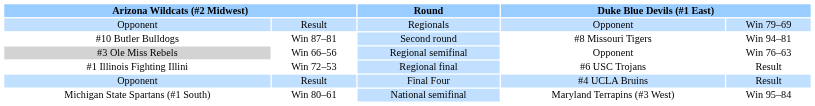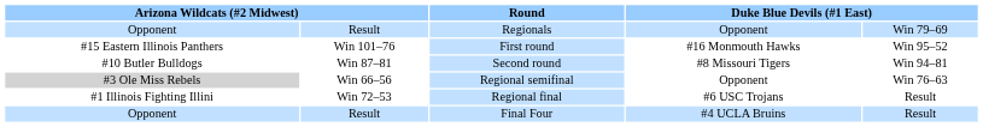 <table style="width:100%;text-align:center">
 <tr style="vertical-align:top;background:#9cf">
 <th colspan=2>Arizona Wildcats (#2 Midwest)</th>
 <th>Round</th>
 <th colspan=2>Duke Blue Devils (#1 East)</th>
 </tr>
 <tr style="vertical-align:top;background:#c1e0ff">
 <td>Opponent</td>
 <td>Result</td>
 <td>Regionals</td>
 <td>Opponent</td>
 <td>Win 79–69</td>
+</tr>
+<tr>
+<td>#15 Eastern Illinois Panthers</td>
+<td>Win 101–76</td>
+<td style="background:#c1e0ff">First round</td>
+<td>#16 Monmouth Hawks</td>
+<td>Win 95–52</td>
 </tr>
 <tr>
 <td>#10 Butler Bulldogs</td>
 <td>Win 87–81</td>
 <td style="background:#c1e0ff">Second round</td>
 <td>#8 Missouri Tigers</td>
 <td>Win 94–81</td>
 </tr>
 <tr>
 <td style="background: lightgrey;">#3 Ole Miss Rebels</td>
 <td>Win 66–56</td>
 <td style="background:#c1e0ff">Regional semifinal</td>
 <td>Opponent</td>
 <td>Win 76–63</td>
 </tr>
 <tr>
 <td>#1 Illinois Fighting Illini</td>
 <td>Win 72–53</td>
 <td style="background:#c1e0ff">Regional final</td>
 <td>#6 USC Trojans</td>
 <td>Result</td>
 </tr>
 <tr style="vertical-align:top;background:#c1e0ff">
 <td>Opponent</td>
 <td>Result</td>
 <td>Final Four</td>
 <td>#4 UCLA Bruins</td>
 <td>Result</td>
 </tr>
-<tr>
-<td>Michigan State Spartans (#1 South)</td>
-<td>Win 80–61</td>
-<td style="background:#c1e0ff">National semifinal</td>
-<td>Maryland Terrapins (#3 West)</td>
-<td>Win 95–84</td>
-</tr>
 </table>
